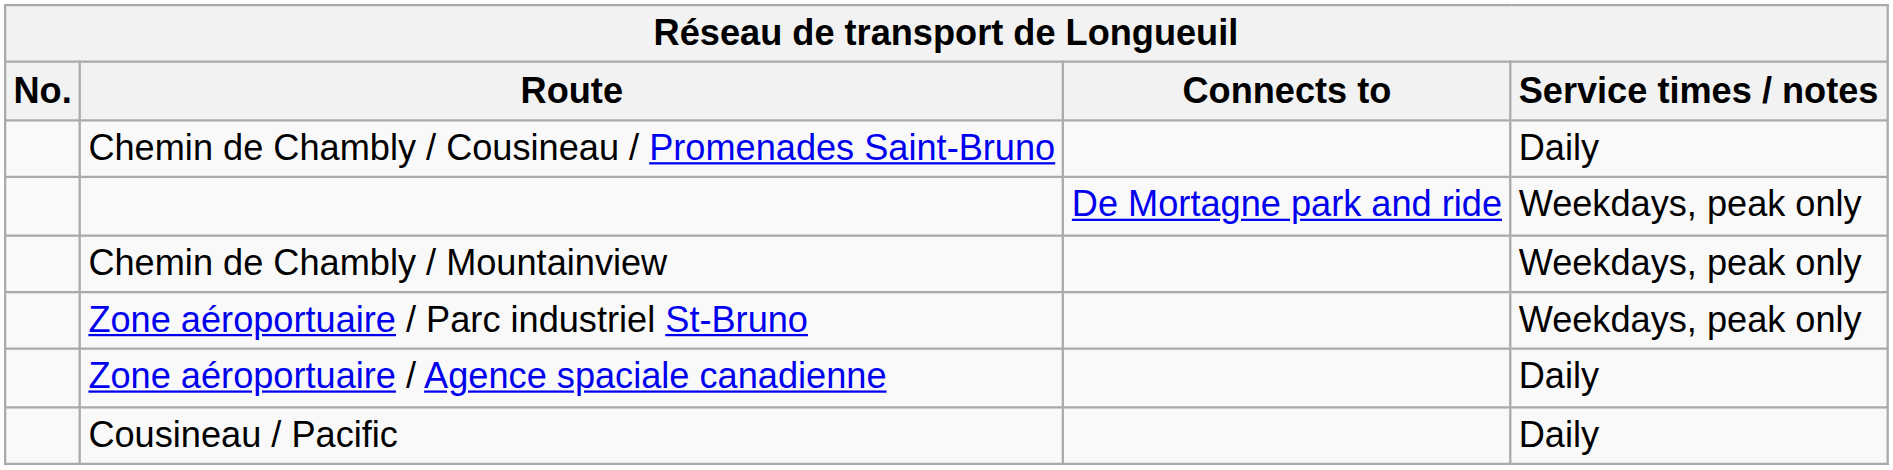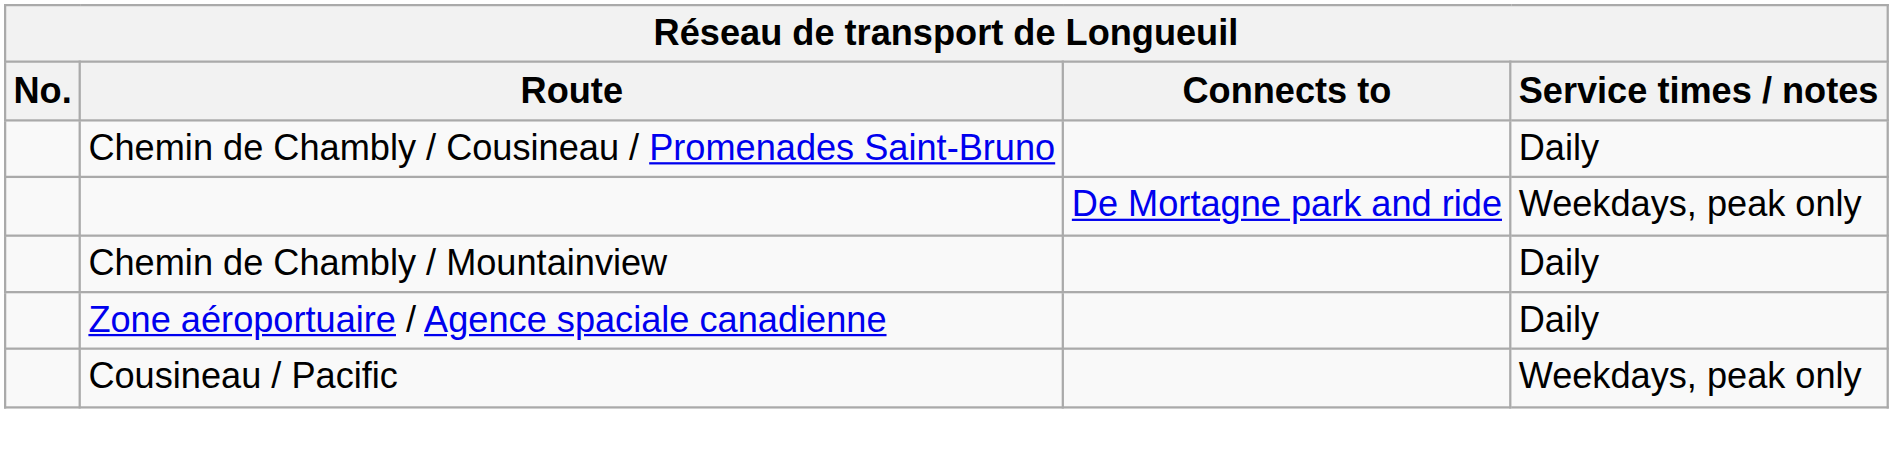 <table class="wikitable">
 <tr>
 <th colspan="4" style="background: #">Réseau de transport de Longueuil</th>
 </tr>
 <tr>
 <th>No.</th>
 <th>Route</th>
 <th>Connects to</th>
 <th>Service times / notes</th>
 </tr>
 <tr>
 <td> </td>
 <td>Chemin de Chambly / Cousineau / <a href='#'>Promenades Saint-Bruno</a></td>
 <td> </td>
 <td>Daily</td>
 </tr>
 <tr>
 <td> </td>
 <td></td>
 <td>  <a href='#'>De Mortagne park and ride</a></td>
 <td>Weekdays, peak only</td>
 </tr>
 <tr>
 <td> </td>
 <td>Chemin de Chambly / Mountainview</td>
 <td> </td>
-<td>Weekdays, peak only</td>
-</tr>
-<tr>
-<td> </td>
-<td><a href='#'>Zone aéroportuaire</a> / Parc industriel <a href='#'>St-Bruno</a></td>
-<td> </td>
-<td>Weekdays, peak only</td>
+<td>Daily</td>
 </tr>
 <tr>
 <td> </td>
 <td><a href='#'>Zone aéroportuaire</a> / <a href='#'>Agence spaciale canadienne</a></td>
 <td> </td>
 <td>Daily</td>
 </tr>
 <tr>
 <td> </td>
 <td>Cousineau / Pacific</td>
 <td> </td>
-<td>Daily</td>
+<td>Weekdays, peak only</td>
 </tr>
 </table>
